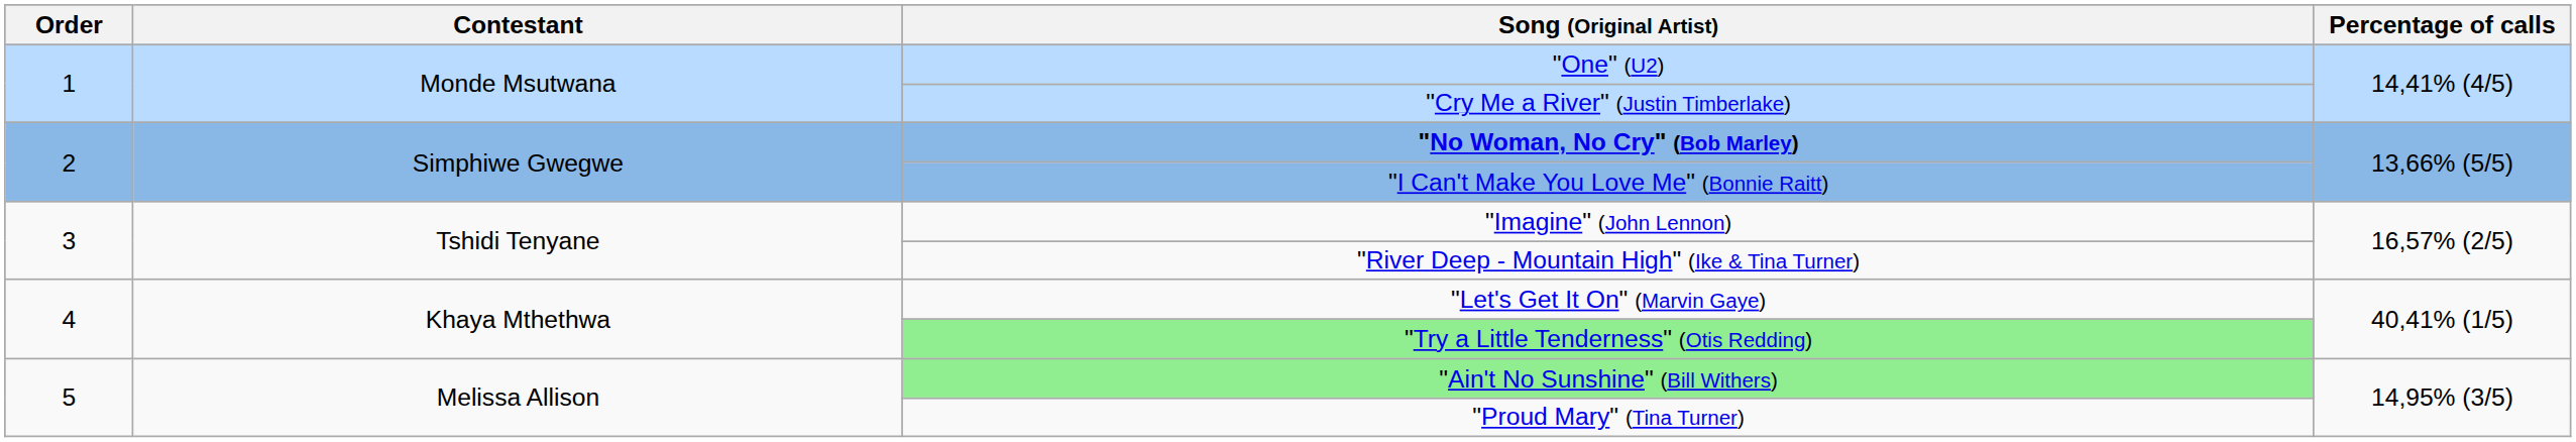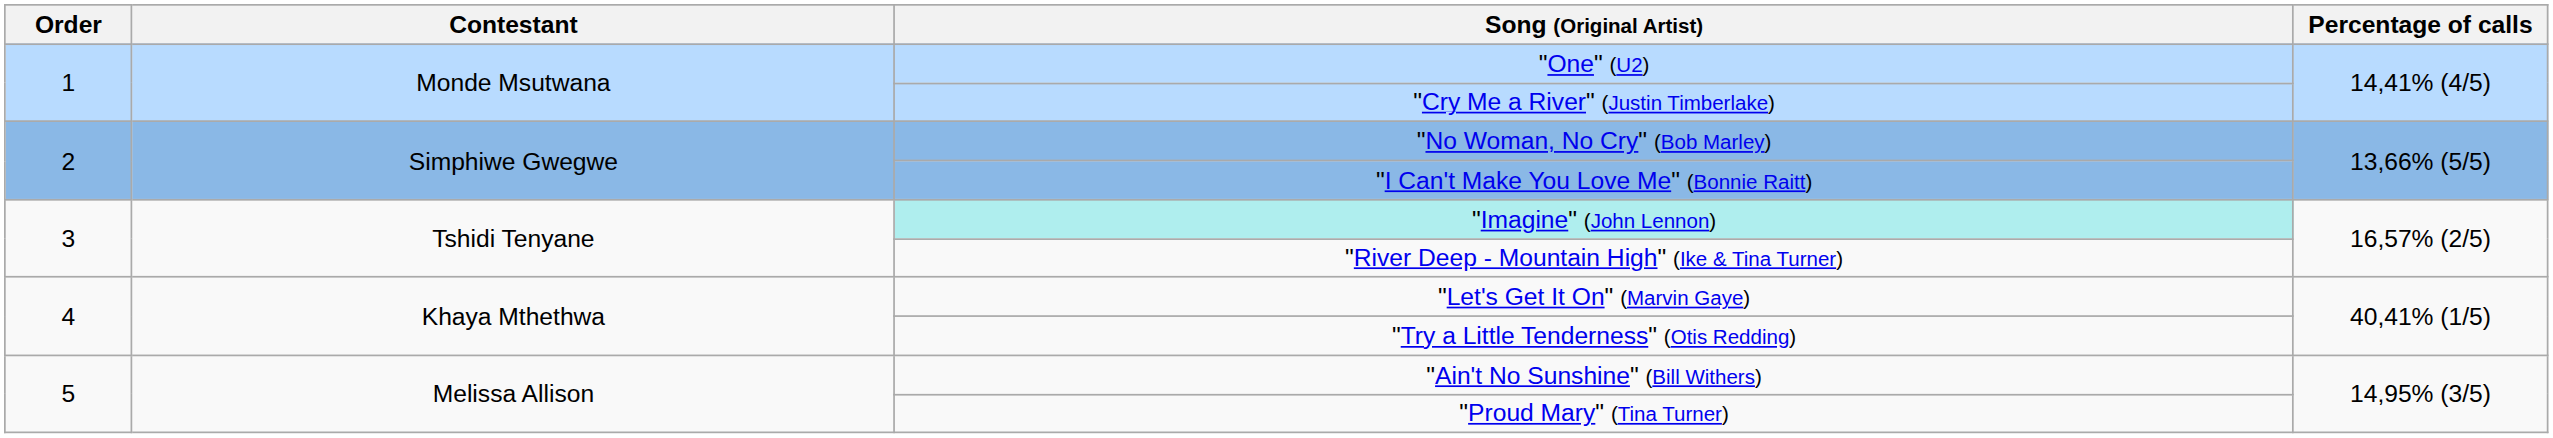 <table class="wikitable" style="font-size:90%; width:75%; text-align: center;">
 <tr>
 <th width="05%">Order</th>
 <th width="30%">Contestant</th>
 <th width="55%">Song <small>(Original Artist)</small></th>
 <th width="15%">Percentage of calls</th>
 </tr>
 <tr bgcolor="B8DBFF">
 <td rowspan=2>1</td>
 <td rowspan=2>Monde Msutwana</td>
 <td>"<a href='#'>One</a>" <small>(<a href='#'>U2</a>)</small></td>
 <td rowspan=2>14,41% (4/5)</td>
 </tr>
 <tr bgcolor="B8DBFF">
 <td>"<a href='#'>Cry Me a River</a>" <small>(<a href='#'>Justin Timberlake</a>)</small></td>
 </tr>
 <tr bgcolor="8AB8E6">
 <td rowspan=2>2</td>
 <td rowspan=2>Simphiwe Gwegwe</td>
-<td><strong>"<a href='#'>No Woman, No Cry</a>" <small>(<a href='#'>Bob Marley</a>)</small></strong></td>
+<td>"<a href='#'>No Woman, No Cry</a>" <small>(<a href='#'>Bob Marley</a>)</small></td>
 <td rowspan=2>13,66% (5/5)</td>
 </tr>
 <tr bgcolor="8AB8E6">
 <td>"<a href='#'>I Can't Make You Love Me</a>" <small>(<a href='#'>Bonnie Raitt</a>)</small></td>
 </tr>
 <tr>
 <td rowspan=2>3</td>
 <td rowspan=2>Tshidi Tenyane</td>
-<td>"<a href='#'>Imagine</a>" <small>(<a href='#'>John Lennon</a>)</small></td>
+<td style="background: paleturquoise;">"<a href='#'>Imagine</a>" <small>(<a href='#'>John Lennon</a>)</small></td>
 <td rowspan=2>16,57% (2/5)</td>
 </tr>
 <tr>
 <td>"<a href='#'>River Deep - Mountain High</a>" <small>(<a href='#'>Ike & Tina Turner</a>)</small></td>
 </tr>
 <tr>
 <td rowspan=2>4</td>
 <td rowspan=2>Khaya Mthethwa</td>
 <td>"<a href='#'>Let's Get It On</a>" <small>(<a href='#'>Marvin Gaye</a>)</small></td>
 <td rowspan=2>40,41% (1/5)</td>
 </tr>
 <tr>
-<td style="background: lightgreen;">"<a href='#'>Try a Little Tenderness</a>" <small>(<a href='#'>Otis Redding</a>)</small></td>
+<td>"<a href='#'>Try a Little Tenderness</a>" <small>(<a href='#'>Otis Redding</a>)</small></td>
 </tr>
 <tr>
 <td rowspan=2>5</td>
 <td rowspan=2>Melissa Allison</td>
-<td style="background: lightgreen;">"<a href='#'>Ain't No Sunshine</a>" <small>(<a href='#'>Bill Withers</a>)</small></td>
+<td>"<a href='#'>Ain't No Sunshine</a>" <small>(<a href='#'>Bill Withers</a>)</small></td>
 <td rowspan=2>14,95% (3/5)</td>
 </tr>
 <tr>
 <td>"<a href='#'>Proud Mary</a>" <small>(<a href='#'>Tina Turner</a>)</small></td>
 </tr>
 </table>
